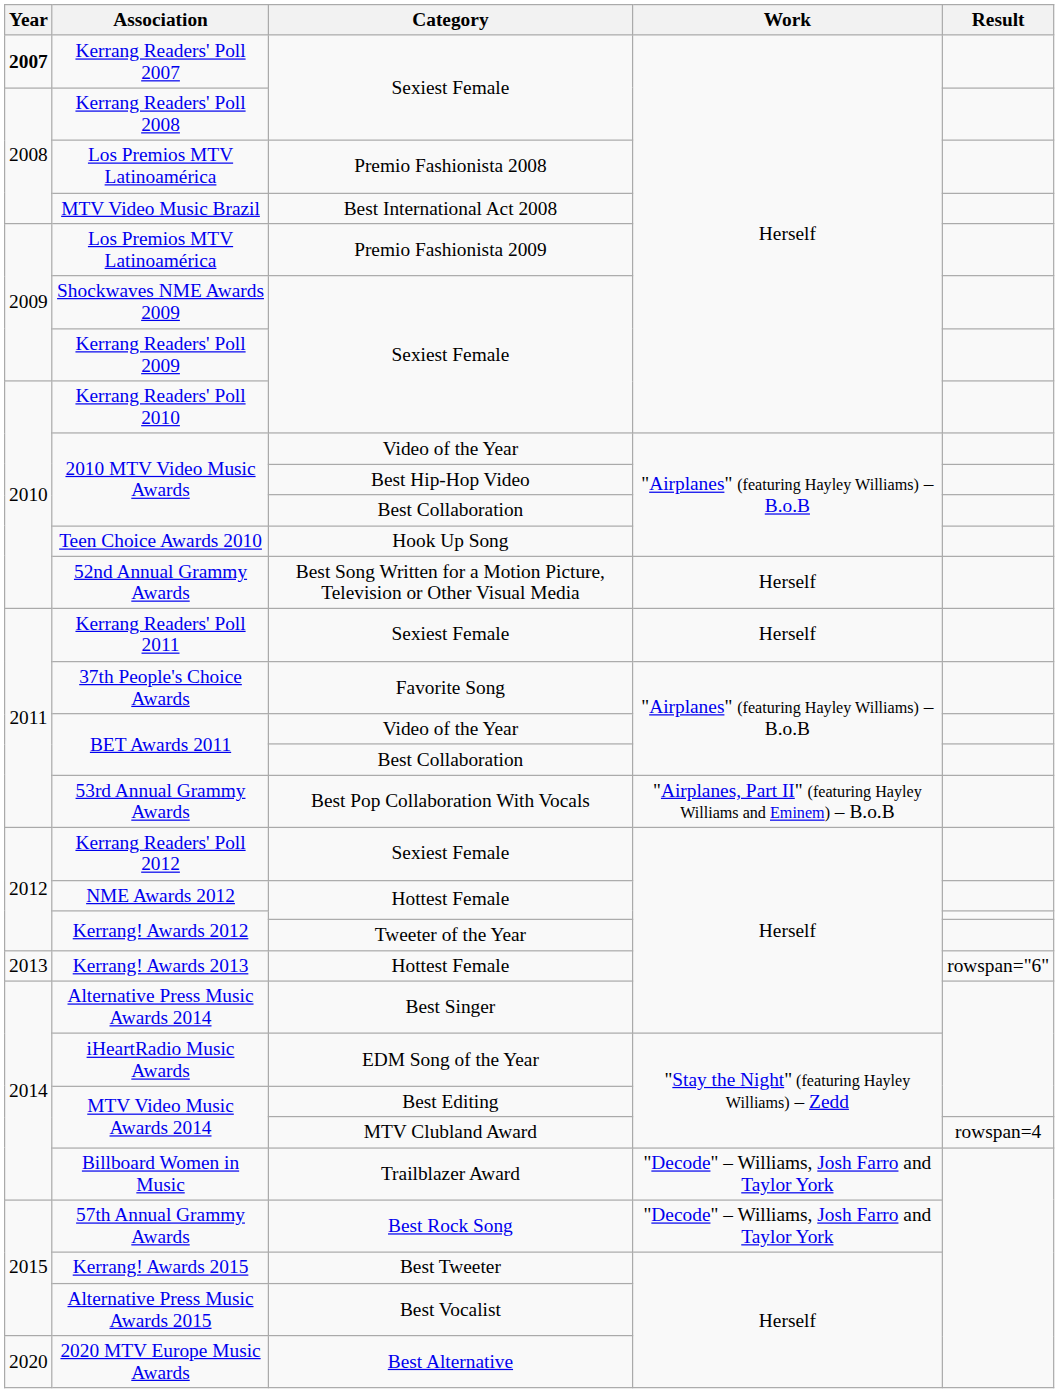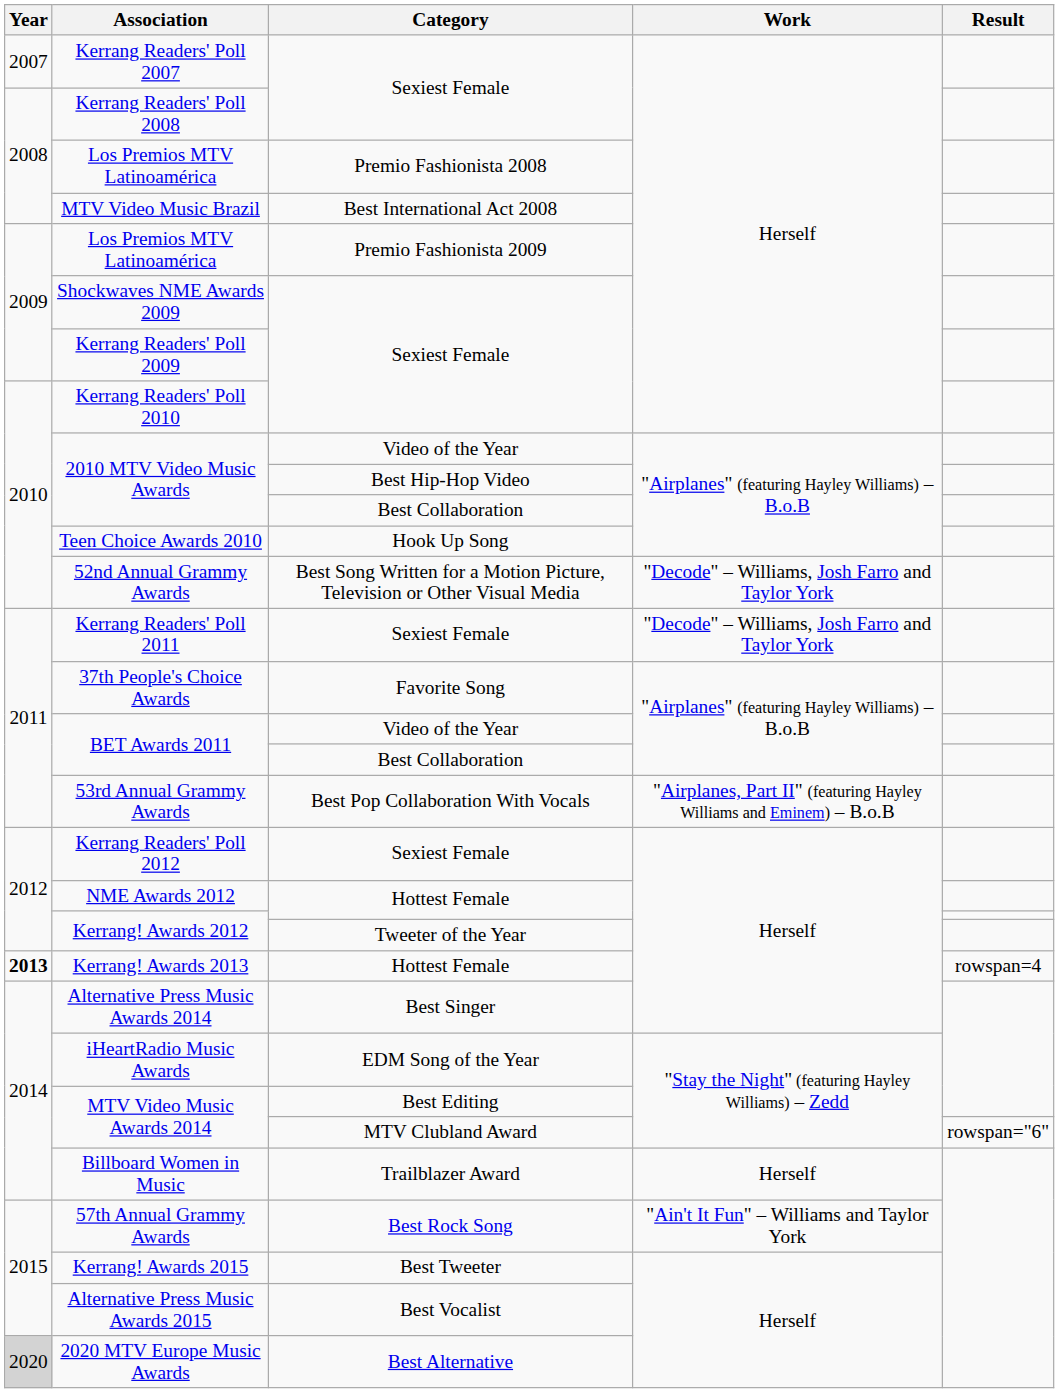 <table class="wikitable">
 <tr>
 <th>Year</th>
 <th>Association</th>
 <th>Category</th>
 <th>Work</th>
 <th>Result</th>
 </tr>
 <tr style="text-align:center;">
-<td><strong>2007</strong></td>
+<td>2007</td>
 <td><a href='#'>Kerrang Readers' Poll 2007</a></td>
 <td rowspan="2">Sexiest Female</td>
 <td rowspan="8">Herself</td>
 <td></td>
 </tr>
 <tr style="text-align:center;">
 <td rowspan="3">2008</td>
 <td><a href='#'>Kerrang Readers' Poll 2008</a></td>
 <td></td>
 </tr>
 <tr style="text-align:center;">
 <td><a href='#'>Los Premios MTV Latinoamérica</a></td>
 <td>Premio Fashionista 2008</td>
 <td></td>
 </tr>
 <tr style="text-align:center;">
 <td><a href='#'>MTV Video Music Brazil</a></td>
 <td>Best International Act 2008</td>
 <td></td>
 </tr>
 <tr style="text-align:center;">
 <td rowspan="3">2009</td>
 <td><a href='#'>Los Premios MTV Latinoamérica</a></td>
 <td>Premio Fashionista 2009</td>
 <td></td>
 </tr>
 <tr style="text-align:center;">
 <td><a href='#'>Shockwaves NME Awards 2009</a></td>
 <td rowspan="3">Sexiest Female</td>
 <td></td>
 </tr>
 <tr style="text-align:center;">
 <td><a href='#'>Kerrang Readers' Poll 2009</a></td>
 <td></td>
 </tr>
 <tr style="text-align:center;">
 <td rowspan="6">2010</td>
 <td><a href='#'>Kerrang Readers' Poll 2010</a></td>
 <td></td>
 </tr>
 <tr style="text-align:center;">
 <td rowspan="3"><a href='#'>2010 MTV Video Music Awards</a></td>
 <td>Video of the Year</td>
 <td rowspan="4">"<a href='#'>Airplanes</a>" <small>(featuring Hayley Williams)</small> – <a href='#'>B.o.B</a></td>
 <td></td>
 </tr>
 <tr style="text-align:center;">
 <td>Best Hip-Hop Video</td>
 <td></td>
 </tr>
 <tr style="text-align:center;">
 <td>Best Collaboration</td>
 <td></td>
 </tr>
 <tr style="text-align:center;">
 <td><a href='#'>Teen Choice Awards 2010</a></td>
 <td>Hook Up Song</td>
 <td></td>
 </tr>
 <tr style="text-align:center;">
 <td><a href='#'>52nd Annual Grammy Awards</a></td>
 <td>Best Song Written for a Motion Picture, Television or Other Visual Media</td>
-<td>Herself</td>
+<td>"<a href='#'>Decode</a>" – Williams, <a href='#'>Josh Farro</a> and <a href='#'>Taylor York</a></td>
 <td></td>
 </tr>
 <tr style="text-align:center;">
 <td rowspan="5">2011</td>
 <td><a href='#'>Kerrang Readers' Poll 2011</a></td>
 <td>Sexiest Female</td>
-<td>Herself</td>
+<td>"<a href='#'>Decode</a>" – Williams, <a href='#'>Josh Farro</a> and <a href='#'>Taylor York</a></td>
 <td></td>
 </tr>
 <tr style="text-align:center;">
 <td><a href='#'>37th People's Choice Awards</a></td>
 <td>Favorite Song</td>
 <td rowspan="3">"<a href='#'>Airplanes</a>" <small>(featuring Hayley Williams)</small> – B.o.B</td>
 <td></td>
 </tr>
 <tr style="text-align:center;">
 <td rowspan="2"><a href='#'>BET Awards 2011</a></td>
 <td>Video of the Year</td>
 <td></td>
 </tr>
 <tr style="text-align:center;">
 <td>Best Collaboration</td>
 <td></td>
 </tr>
 <tr style="text-align:center;">
 <td><a href='#'>53rd Annual Grammy Awards</a></td>
 <td>Best Pop Collaboration With Vocals</td>
 <td>"<a href='#'>Airplanes, Part II</a>" <small>(featuring Hayley Williams and <a href='#'>Eminem</a>)</small> – B.o.B</td>
 <td></td>
 </tr>
 <tr style="text-align:center;">
 <td rowspan="4">2012</td>
 <td><a href='#'>Kerrang Readers' Poll 2012</a></td>
 <td>Sexiest Female</td>
 <td rowspan="6">Herself</td>
 <td></td>
 </tr>
 <tr style="text-align:center;">
 <td><a href='#'>NME Awards 2012</a></td>
 <td rowspan="2">Hottest Female</td>
 <td></td>
 </tr>
 <tr style="text-align:center;">
 <td rowspan="2"><a href='#'>Kerrang! Awards 2012</a></td>
 <td></td>
 </tr>
 <tr style="text-align:center;">
 <td>Tweeter of the Year</td>
 <td></td>
 </tr>
 <tr style="text-align:center;">
-<td>2013</td>
+<td><strong>2013</strong></td>
 <td><a href='#'>Kerrang! Awards 2013</a></td>
 <td>Hottest Female</td>
-<td>rowspan="6" </td>
+<td>rowspan=4 </td>
 </tr>
 <tr style="text-align:center;">
 <td rowspan="5">2014</td>
 <td><a href='#'>Alternative Press Music Awards 2014</a></td>
 <td>Best Singer</td>
 </tr>
 <tr style="text-align:center;">
 <td><a href='#'>iHeartRadio Music Awards</a></td>
 <td>EDM Song of the Year</td>
 <td rowspan="3">"<a href='#'>Stay the Night</a>"<small> (featuring Hayley Williams)</small> – <a href='#'>Zedd</a></td>
 </tr>
 <tr style="text-align:center;">
 <td rowspan="2"><a href='#'>MTV Video Music Awards 2014</a></td>
 <td>Best Editing</td>
 </tr>
 <tr style="text-align:center;">
 <td>MTV Clubland Award</td>
-<td>rowspan=4 </td>
+<td>rowspan="6" </td>
 </tr>
 <tr style="text-align:center;">
 <td><a href='#'>Billboard Women in Music</a></td>
 <td>Trailblazer Award</td>
-<td>"<a href='#'>Decode</a>" – Williams, <a href='#'>Josh Farro</a> and <a href='#'>Taylor York</a></td>
+<td>Herself</td>
 </tr>
 <tr style="text-align:center;">
 <td rowspan="3">2015</td>
 <td><a href='#'>57th Annual Grammy Awards</a></td>
 <td><a href='#'>Best Rock Song</a></td>
-<td>"<a href='#'>Decode</a>" – Williams, <a href='#'>Josh Farro</a> and <a href='#'>Taylor York</a></td>
+<td>"<a href='#'>Ain't It Fun</a>" – Williams and Taylor York</td>
 </tr>
 <tr style="text-align:center;">
 <td><a href='#'>Kerrang! Awards 2015</a></td>
 <td>Best Tweeter</td>
 <td rowspan="3">Herself</td>
 </tr>
 <tr style="text-align:center;">
 <td><a href='#'>Alternative Press Music Awards 2015</a></td>
 <td>Best Vocalist</td>
 </tr>
 <tr style="text-align:center;">
-<td>2020</td>
+<td style="background: lightgrey;">2020</td>
 <td><a href='#'>2020 MTV Europe Music Awards</a></td>
 <td><a href='#'>Best Alternative</a></td>
 </tr>
 </table>
